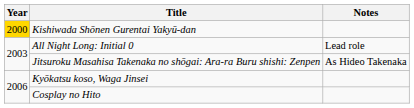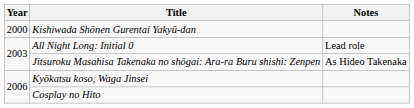 <table class="wikitable">
 <tr>
 <th>Year</th>
 <th>Title</th>
 <th>Notes</th>
 </tr>
 <tr>
-<td style="background: gold;">2000</td>
+<td>2000</td>
 <td><em>Kishiwada Shōnen Gurentai Yakyū-dan</em></td>
 <td></td>
 </tr>
 <tr>
 <td rowspan="2">2003</td>
 <td><em>All Night Long: Initial 0</em></td>
 <td>Lead role</td>
 </tr>
 <tr>
 <td><em>Jitsuroku Masahisa Takenaka no shōgai: Ara-ra Buru shishi: Zenpen</em></td>
 <td>As Hideo Takenaka</td>
 </tr>
 <tr>
 <td rowspan="2">2006</td>
 <td><em>Kyōkatsu koso, Waga Jinsei</em></td>
 <td></td>
 </tr>
 <tr>
 <td><em>Cosplay no Hito</em></td>
 <td></td>
 </tr>
 </table>
